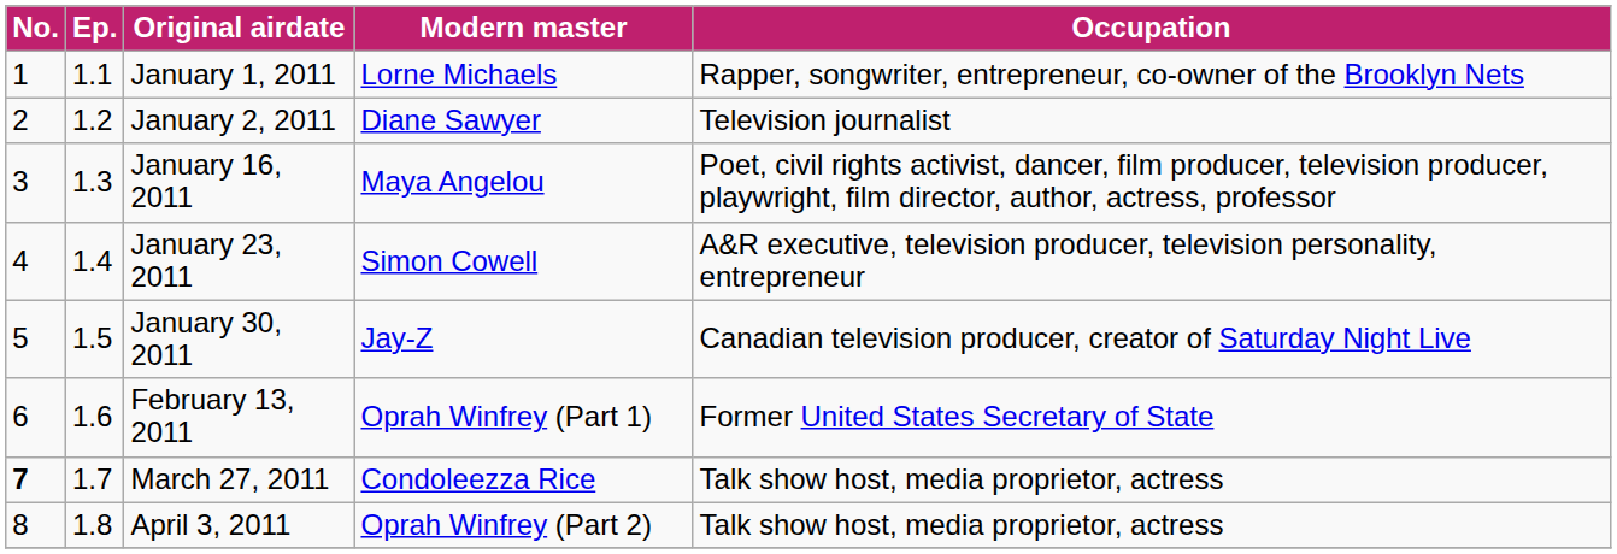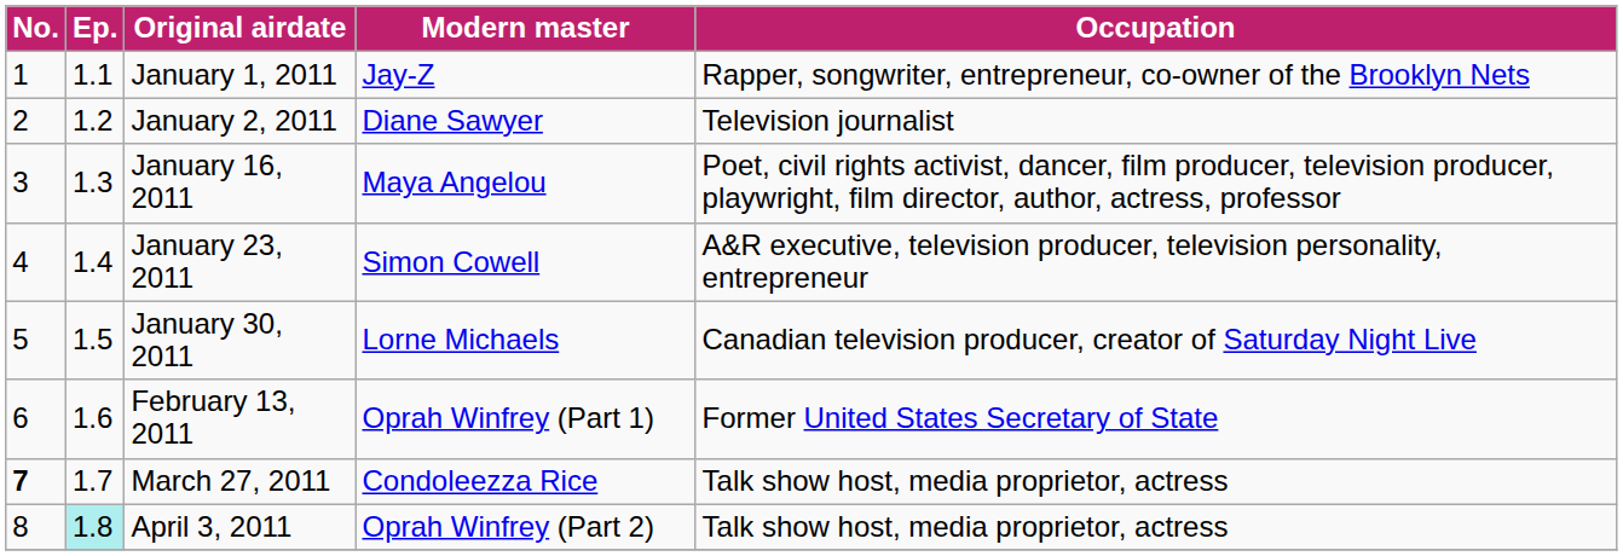 <table class="wikitable">
 <tr style="color:white">
 <th style="background:#bf206e; width:20px;">No.</th>
 <th style="background:#bf206e; width:20px;">Ep.</th>
 <th style="background:#bf206e; width:120px;">Original airdate</th>
 <th style="background:#bf206e; width:180px;">Modern master</th>
 <th style="background:#bf206e; width:500px;">Occupation</th>
 </tr>
 <tr>
 <td>1</td>
 <td>1.1</td>
 <td>January 1, 2011</td>
-<td><a href='#'>Lorne Michaels</a></td>
+<td><a href='#'>Jay-Z</a></td>
 <td>Rapper, songwriter, entrepreneur, co-owner of the <a href='#'>Brooklyn Nets</a></td>
 </tr>
 <tr>
 <td>2</td>
 <td>1.2</td>
 <td>January 2, 2011</td>
 <td><a href='#'>Diane Sawyer</a></td>
 <td>Television journalist</td>
 </tr>
 <tr>
 <td>3</td>
 <td>1.3</td>
 <td>January 16, 2011</td>
 <td><a href='#'>Maya Angelou</a></td>
 <td>Poet, civil rights activist, dancer, film producer, television producer, playwright, film director, author, actress, professor</td>
 </tr>
 <tr>
 <td>4</td>
 <td>1.4</td>
 <td>January 23, 2011</td>
 <td><a href='#'>Simon Cowell</a></td>
 <td>A&R executive, television producer, television personality, entrepreneur</td>
 </tr>
 <tr>
 <td>5</td>
 <td>1.5</td>
 <td>January 30, 2011</td>
-<td><a href='#'>Jay-Z</a></td>
+<td><a href='#'>Lorne Michaels</a></td>
 <td>Canadian television producer, creator of <a href='#'>Saturday Night Live</a></td>
 </tr>
 <tr>
 <td>6</td>
 <td>1.6</td>
 <td>February 13, 2011</td>
 <td><a href='#'>Oprah Winfrey</a> (Part 1)</td>
 <td>Former <a href='#'>United States Secretary of State</a></td>
 </tr>
 <tr>
 <td><strong>7</strong></td>
 <td>1.7</td>
 <td>March 27, 2011</td>
 <td><a href='#'>Condoleezza Rice</a></td>
 <td>Talk show host, media proprietor, actress</td>
 </tr>
 <tr>
 <td>8</td>
-<td>1.8</td>
+<td style="background: paleturquoise;">1.8</td>
 <td>April 3, 2011</td>
 <td><a href='#'>Oprah Winfrey</a> (Part 2)</td>
 <td>Talk show host, media proprietor, actress</td>
 </tr>
 <tr>
 </tr>
 </table>
